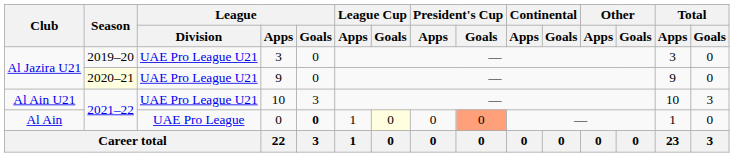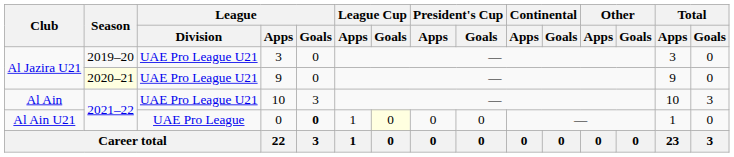 <table class="wikitable" style="text-align: center">
 <tr>
 <th rowspan="2">Club</th>
 <th rowspan="2">Season</th>
 <th colspan="3">League</th>
 <th colspan="2">League Cup</th>
 <th colspan="2">President's Cup</th>
 <th colspan="2">Continental</th>
 <th colspan="2">Other</th>
 <th colspan="2">Total</th>
 </tr>
 <tr>
 <th>Division</th>
 <th>Apps</th>
 <th>Goals</th>
 <th>Apps</th>
 <th>Goals</th>
 <th>Apps</th>
 <th>Goals</th>
 <th>Apps</th>
 <th>Goals</th>
 <th>Apps</th>
 <th>Goals</th>
 <th>Apps</th>
 <th>Goals</th>
 </tr>
 <tr>
 <td rowspan="2"><a href='#'>Al Jazira U21</a></td>
 <td>2019–20</td>
 <td><a href='#'>UAE Pro League U21</a></td>
 <td>3</td>
 <td>0</td>
 <td colspan="8">—</td>
 <td>3</td>
 <td>0</td>
 </tr>
 <tr>
 <td style="background: lightyellow;">2020–21</td>
 <td><a href='#'>UAE Pro League U21</a></td>
 <td>9</td>
 <td>0</td>
 <td colspan="8">—</td>
 <td>9</td>
 <td>0</td>
 </tr>
 <tr>
-<td><a href='#'>Al Ain U21</a></td>
+<td><a href='#'>Al Ain</a></td>
 <td rowspan="2"><a href='#'>2021–22</a></td>
 <td><a href='#'>UAE Pro League U21</a></td>
 <td>10</td>
 <td>3</td>
 <td colspan="8">—</td>
 <td>10</td>
 <td>3</td>
 </tr>
 <tr>
-<td><a href='#'>Al Ain</a></td>
+<td><a href='#'>Al Ain U21</a></td>
 <td><a href='#'>UAE Pro League</a></td>
 <td>0</td>
 <td><strong>0</strong></td>
 <td>1</td>
 <td style="background: lightyellow;">0</td>
 <td>0</td>
-<td style="background: lightsalmon;">0</td>
+<td>0</td>
 <td colspan="4">—</td>
 <td>1</td>
 <td>0</td>
 </tr>
 <tr>
 <th colspan=3>Career total</th>
 <th>22</th>
 <th>3</th>
 <th>1</th>
 <th>0</th>
 <th>0</th>
 <th>0</th>
 <th>0</th>
 <th>0</th>
 <th>0</th>
 <th>0</th>
 <th>23</th>
 <th>3</th>
 </tr>
 </table>
